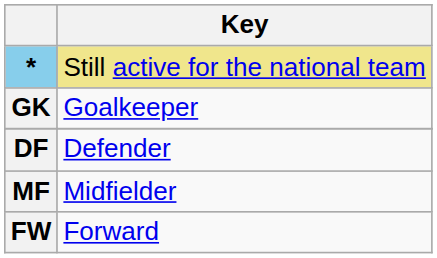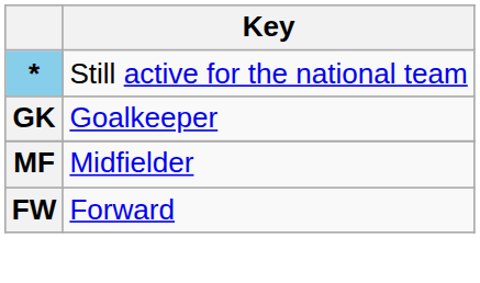 <table class="wikitable">
 <tr>
 <th></th>
 <th style="align: left">Key</th>
 </tr>
 <tr>
 <th scope=col style="background:#87CEEB;">*</th>
-<td style="background: khaki;">Still <a href='#'>active for the national team</a></td>
+<td>Still <a href='#'>active for the national team</a></td>
 </tr>
 <tr>
 <th scope=col>GK</th>
 <td><a href='#'>Goalkeeper</a></td>
 </tr>
 <tr>
-</tr>
-<tr>
-<th scope=col>DF</th>
-<td><a href='#'>Defender</a></td>
 </tr>
 <tr>
 <th scope=col>MF</th>
 <td><a href='#'>Midfielder</a></td>
 </tr>
 <tr>
 <th scope=col>FW</th>
 <td><a href='#'>Forward</a></td>
 </tr>
 </table>
